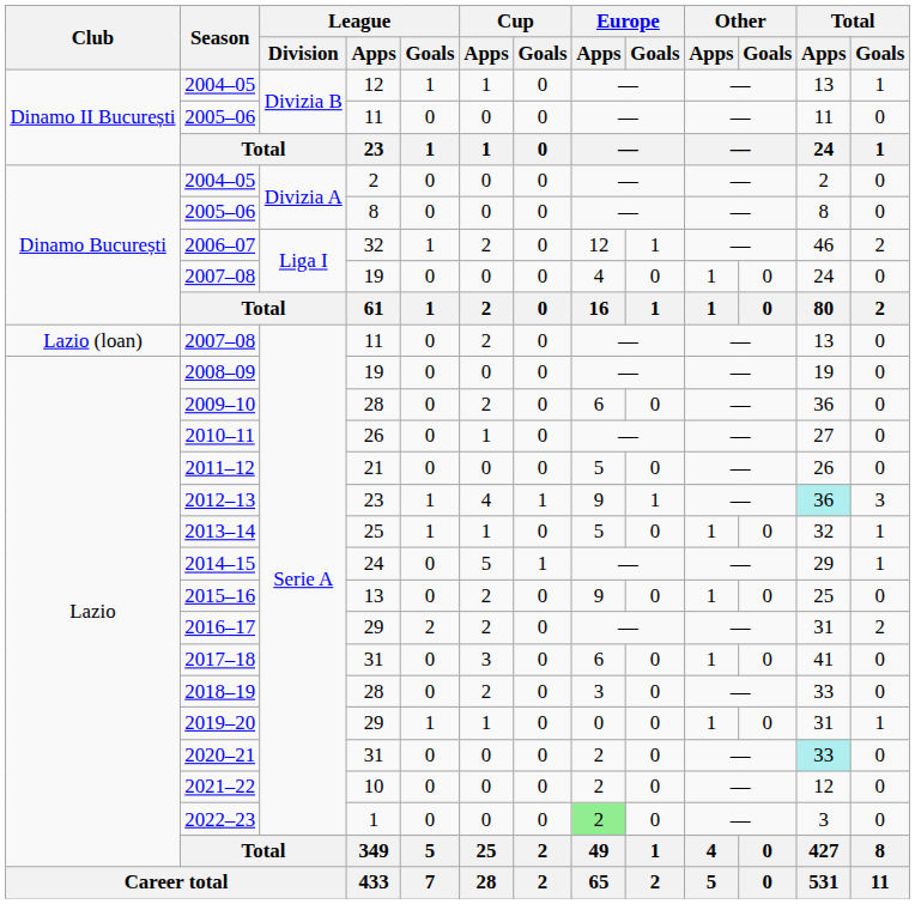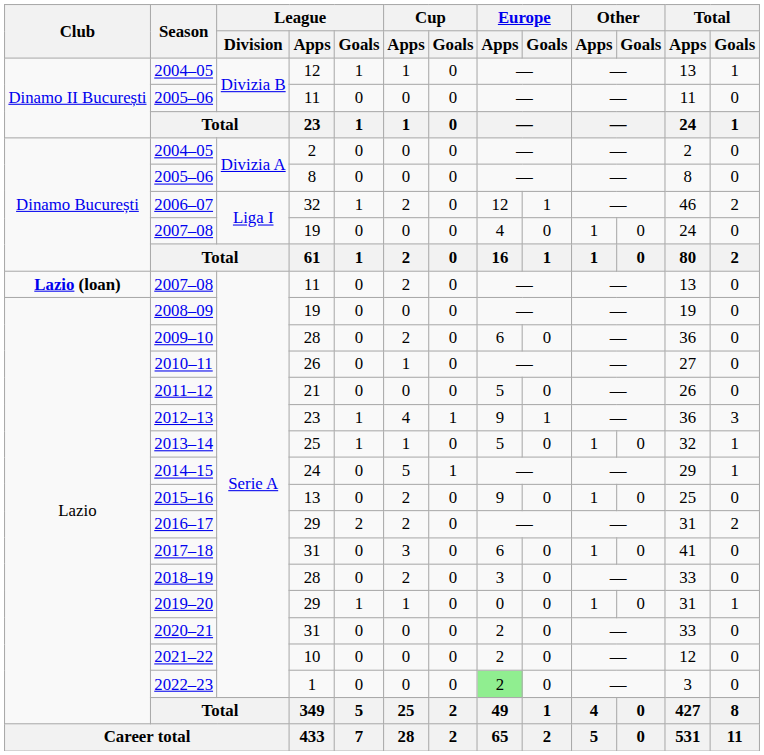 <table class="wikitable" style="text-align: center;">
 <tr>
 <th rowspan="2">Club</th>
 <th rowspan="2">Season</th>
 <th colspan="3">League</th>
 <th colspan="2">Cup</th>
 <th colspan="2"><a href='#'>Europe</a></th>
 <th colspan="2">Other</th>
 <th colspan="2">Total</th>
 </tr>
 <tr>
 <th>Division</th>
 <th>Apps</th>
 <th>Goals</th>
 <th>Apps</th>
 <th>Goals</th>
 <th>Apps</th>
 <th>Goals</th>
 <th>Apps</th>
 <th>Goals</th>
 <th>Apps</th>
 <th>Goals</th>
 </tr>
 <tr>
 <td rowspan="3" valign="center"><a href='#'>Dinamo II București</a></td>
 <td><a href='#'>2004–05</a></td>
 <td rowspan="2" valign="center"><a href='#'>Divizia B</a></td>
 <td>12</td>
 <td>1</td>
 <td>1</td>
 <td>0</td>
 <td colspan="2">—</td>
 <td colspan="2">—</td>
 <td>13</td>
 <td>1</td>
 </tr>
 <tr>
 <td><a href='#'>2005–06</a></td>
 <td>11</td>
 <td>0</td>
 <td>0</td>
 <td>0</td>
 <td colspan="2">—</td>
 <td colspan="2">—</td>
 <td>11</td>
 <td>0</td>
 </tr>
 <tr>
 <th colspan="2">Total</th>
 <th>23</th>
 <th>1</th>
 <th>1</th>
 <th>0</th>
 <th colspan="2">—</th>
 <th colspan="2">—</th>
 <th>24</th>
 <th>1</th>
 </tr>
 <tr>
 <td rowspan="5"><a href='#'>Dinamo București</a></td>
 <td><a href='#'>2004–05</a></td>
 <td rowspan="2"><a href='#'>Divizia A</a></td>
 <td>2</td>
 <td>0</td>
 <td>0</td>
 <td>0</td>
 <td colspan="2">—</td>
 <td colspan="2">—</td>
 <td>2</td>
 <td>0</td>
 </tr>
 <tr>
 <td><a href='#'>2005–06</a></td>
 <td>8</td>
 <td>0</td>
 <td>0</td>
 <td>0</td>
 <td colspan="2">—</td>
 <td colspan="2">—</td>
 <td>8</td>
 <td>0</td>
 </tr>
 <tr>
 <td><a href='#'>2006–07</a></td>
 <td rowspan="2"><a href='#'>Liga I</a></td>
 <td>32</td>
 <td>1</td>
 <td>2</td>
 <td>0</td>
 <td>12</td>
 <td>1</td>
 <td colspan="2">—</td>
 <td>46</td>
 <td>2</td>
 </tr>
 <tr>
 <td><a href='#'>2007–08</a></td>
 <td>19</td>
 <td>0</td>
 <td>0</td>
 <td>0</td>
 <td>4</td>
 <td>0</td>
 <td>1</td>
 <td>0</td>
 <td>24</td>
 <td>0</td>
 </tr>
 <tr>
 <th colspan="2">Total</th>
 <th>61</th>
 <th>1</th>
 <th>2</th>
 <th>0</th>
 <th>16</th>
 <th>1</th>
 <th>1</th>
 <th>0</th>
 <th>80</th>
 <th>2</th>
 </tr>
 <tr>
-<td><a href='#'>Lazio</a> (loan)</td>
+<td><strong><a href='#'>Lazio</a> (loan)</strong></td>
 <td><a href='#'>2007–08</a></td>
 <td rowspan="16"><a href='#'>Serie A</a></td>
 <td>11</td>
 <td>0</td>
 <td>2</td>
 <td>0</td>
 <td colspan="2">—</td>
 <td colspan="2">—</td>
 <td>13</td>
 <td>0</td>
 </tr>
 <tr>
 <td rowspan="16">Lazio</td>
 <td><a href='#'>2008–09</a></td>
 <td>19</td>
 <td>0</td>
 <td>0</td>
 <td>0</td>
 <td colspan="2">—</td>
 <td colspan="2">—</td>
 <td>19</td>
 <td>0</td>
 </tr>
 <tr>
 <td><a href='#'>2009–10</a></td>
 <td>28</td>
 <td>0</td>
 <td>2</td>
 <td>0</td>
 <td>6</td>
 <td>0</td>
 <td colspan="2">—</td>
 <td>36</td>
 <td>0</td>
 </tr>
 <tr>
 <td><a href='#'>2010–11</a></td>
 <td>26</td>
 <td>0</td>
 <td>1</td>
 <td>0</td>
 <td colspan="2">—</td>
 <td colspan="2">—</td>
 <td>27</td>
 <td>0</td>
 </tr>
 <tr>
 <td><a href='#'>2011–12</a></td>
 <td>21</td>
 <td>0</td>
 <td>0</td>
 <td>0</td>
 <td>5</td>
 <td>0</td>
 <td colspan="2">—</td>
 <td>26</td>
 <td>0</td>
 </tr>
 <tr>
 <td><a href='#'>2012–13</a></td>
 <td>23</td>
 <td>1</td>
 <td>4</td>
 <td>1</td>
 <td>9</td>
 <td>1</td>
 <td colspan="2">—</td>
-<td style="background: paleturquoise;">36</td>
+<td>36</td>
 <td>3</td>
 </tr>
 <tr>
 <td><a href='#'>2013–14</a></td>
 <td>25</td>
 <td>1</td>
 <td>1</td>
 <td>0</td>
 <td>5</td>
 <td>0</td>
 <td>1</td>
 <td>0</td>
 <td>32</td>
 <td>1</td>
 </tr>
 <tr>
 <td><a href='#'>2014–15</a></td>
 <td>24</td>
 <td>0</td>
 <td>5</td>
 <td>1</td>
 <td colspan="2">—</td>
 <td colspan="2">—</td>
 <td>29</td>
 <td>1</td>
 </tr>
 <tr>
 <td><a href='#'>2015–16</a></td>
 <td>13</td>
 <td>0</td>
 <td>2</td>
 <td>0</td>
 <td>9</td>
 <td>0</td>
 <td>1</td>
 <td>0</td>
 <td>25</td>
 <td>0</td>
 </tr>
 <tr>
 <td><a href='#'>2016–17</a></td>
 <td>29</td>
 <td>2</td>
 <td>2</td>
 <td>0</td>
 <td colspan="2">—</td>
 <td colspan="2">—</td>
 <td>31</td>
 <td>2</td>
 </tr>
 <tr>
 <td><a href='#'>2017–18</a></td>
 <td>31</td>
 <td>0</td>
 <td>3</td>
 <td>0</td>
 <td>6</td>
 <td>0</td>
 <td>1</td>
 <td>0</td>
 <td>41</td>
 <td>0</td>
 </tr>
 <tr>
 <td><a href='#'>2018–19</a></td>
 <td>28</td>
 <td>0</td>
 <td>2</td>
 <td>0</td>
 <td>3</td>
 <td>0</td>
 <td colspan="2">—</td>
 <td>33</td>
 <td>0</td>
 </tr>
 <tr>
 <td><a href='#'>2019–20</a></td>
 <td>29</td>
 <td>1</td>
 <td>1</td>
 <td>0</td>
 <td>0</td>
 <td>0</td>
 <td>1</td>
 <td>0</td>
 <td>31</td>
 <td>1</td>
 </tr>
 <tr>
 <td><a href='#'>2020–21</a></td>
 <td>31</td>
 <td>0</td>
 <td>0</td>
 <td>0</td>
 <td>2</td>
 <td>0</td>
 <td colspan="2">—</td>
-<td style="background: paleturquoise;">33</td>
+<td>33</td>
 <td>0</td>
 </tr>
 <tr>
 <td><a href='#'>2021–22</a></td>
 <td>10</td>
 <td>0</td>
 <td>0</td>
 <td>0</td>
 <td>2</td>
 <td>0</td>
 <td colspan="2">—</td>
 <td>12</td>
 <td>0</td>
 </tr>
 <tr>
 <td><a href='#'>2022–23</a></td>
 <td>1</td>
 <td>0</td>
 <td>0</td>
 <td>0</td>
 <td style="background: lightgreen;">2</td>
 <td>0</td>
 <td colspan="2">—</td>
 <td>3</td>
 <td>0</td>
 </tr>
 <tr>
 <th colspan="2">Total</th>
 <th>349</th>
 <th>5</th>
 <th>25</th>
 <th>2</th>
 <th>49</th>
 <th>1</th>
 <th>4</th>
 <th>0</th>
 <th>427</th>
 <th>8</th>
 </tr>
 <tr>
 <th colspan="3">Career total</th>
 <th>433</th>
 <th>7</th>
 <th>28</th>
 <th>2</th>
 <th>65</th>
 <th>2</th>
 <th>5</th>
 <th>0</th>
 <th>531</th>
 <th>11</th>
 </tr>
 </table>
